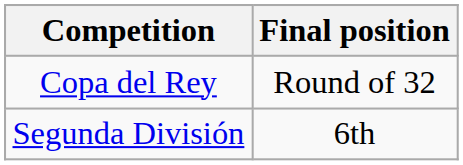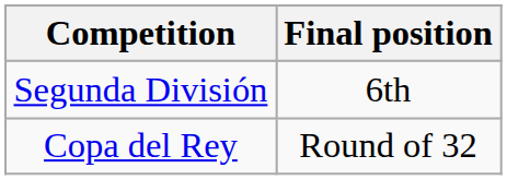 <table class="wikitable" style="font-size:100%; text-align:center">
 <tr>
 <th>Competition</th>
 <th>Final position</th>
 </tr>
 <tr style="background:">
+<td><a href='#'>Segunda División</a></td>
+<td>6th</td>
+</tr>
+<tr style="background:">
 <td><a href='#'>Copa del Rey</a></td>
 <td>Round of 32</td>
 </tr>
-<tr style="background:">
-<td><a href='#'>Segunda División</a></td>
-<td>6th</td>
-</tr>
 </table>
